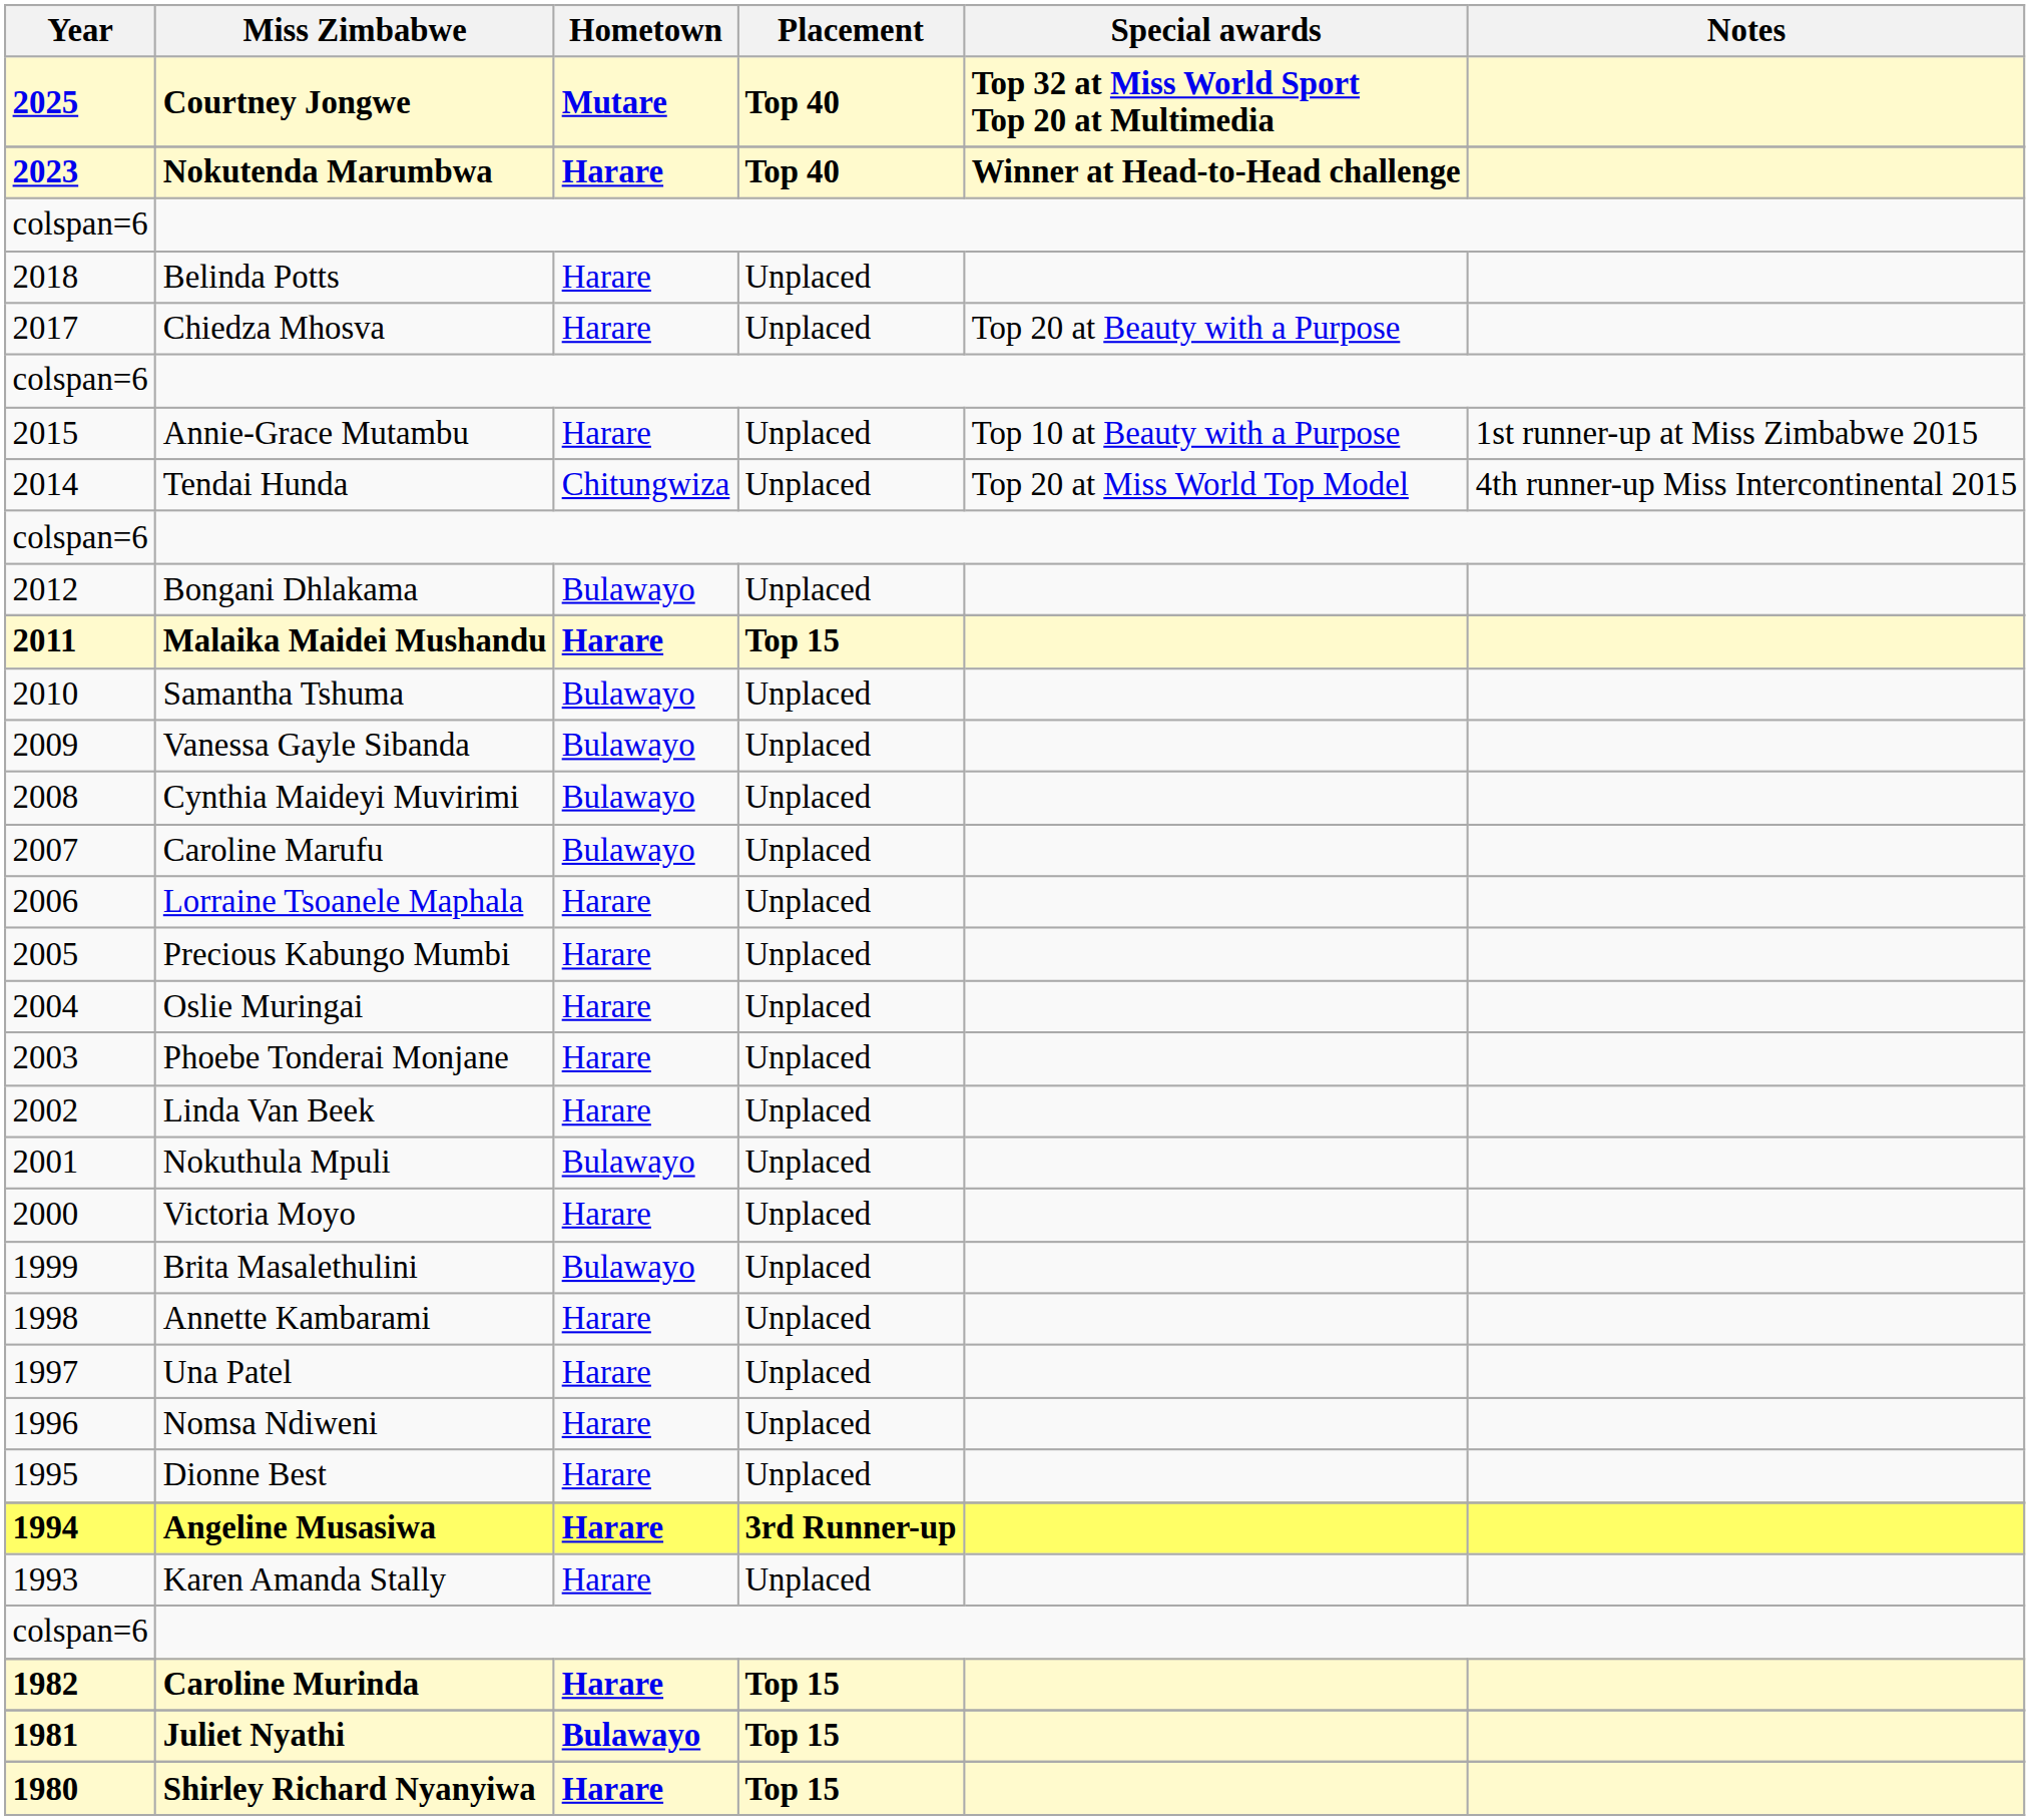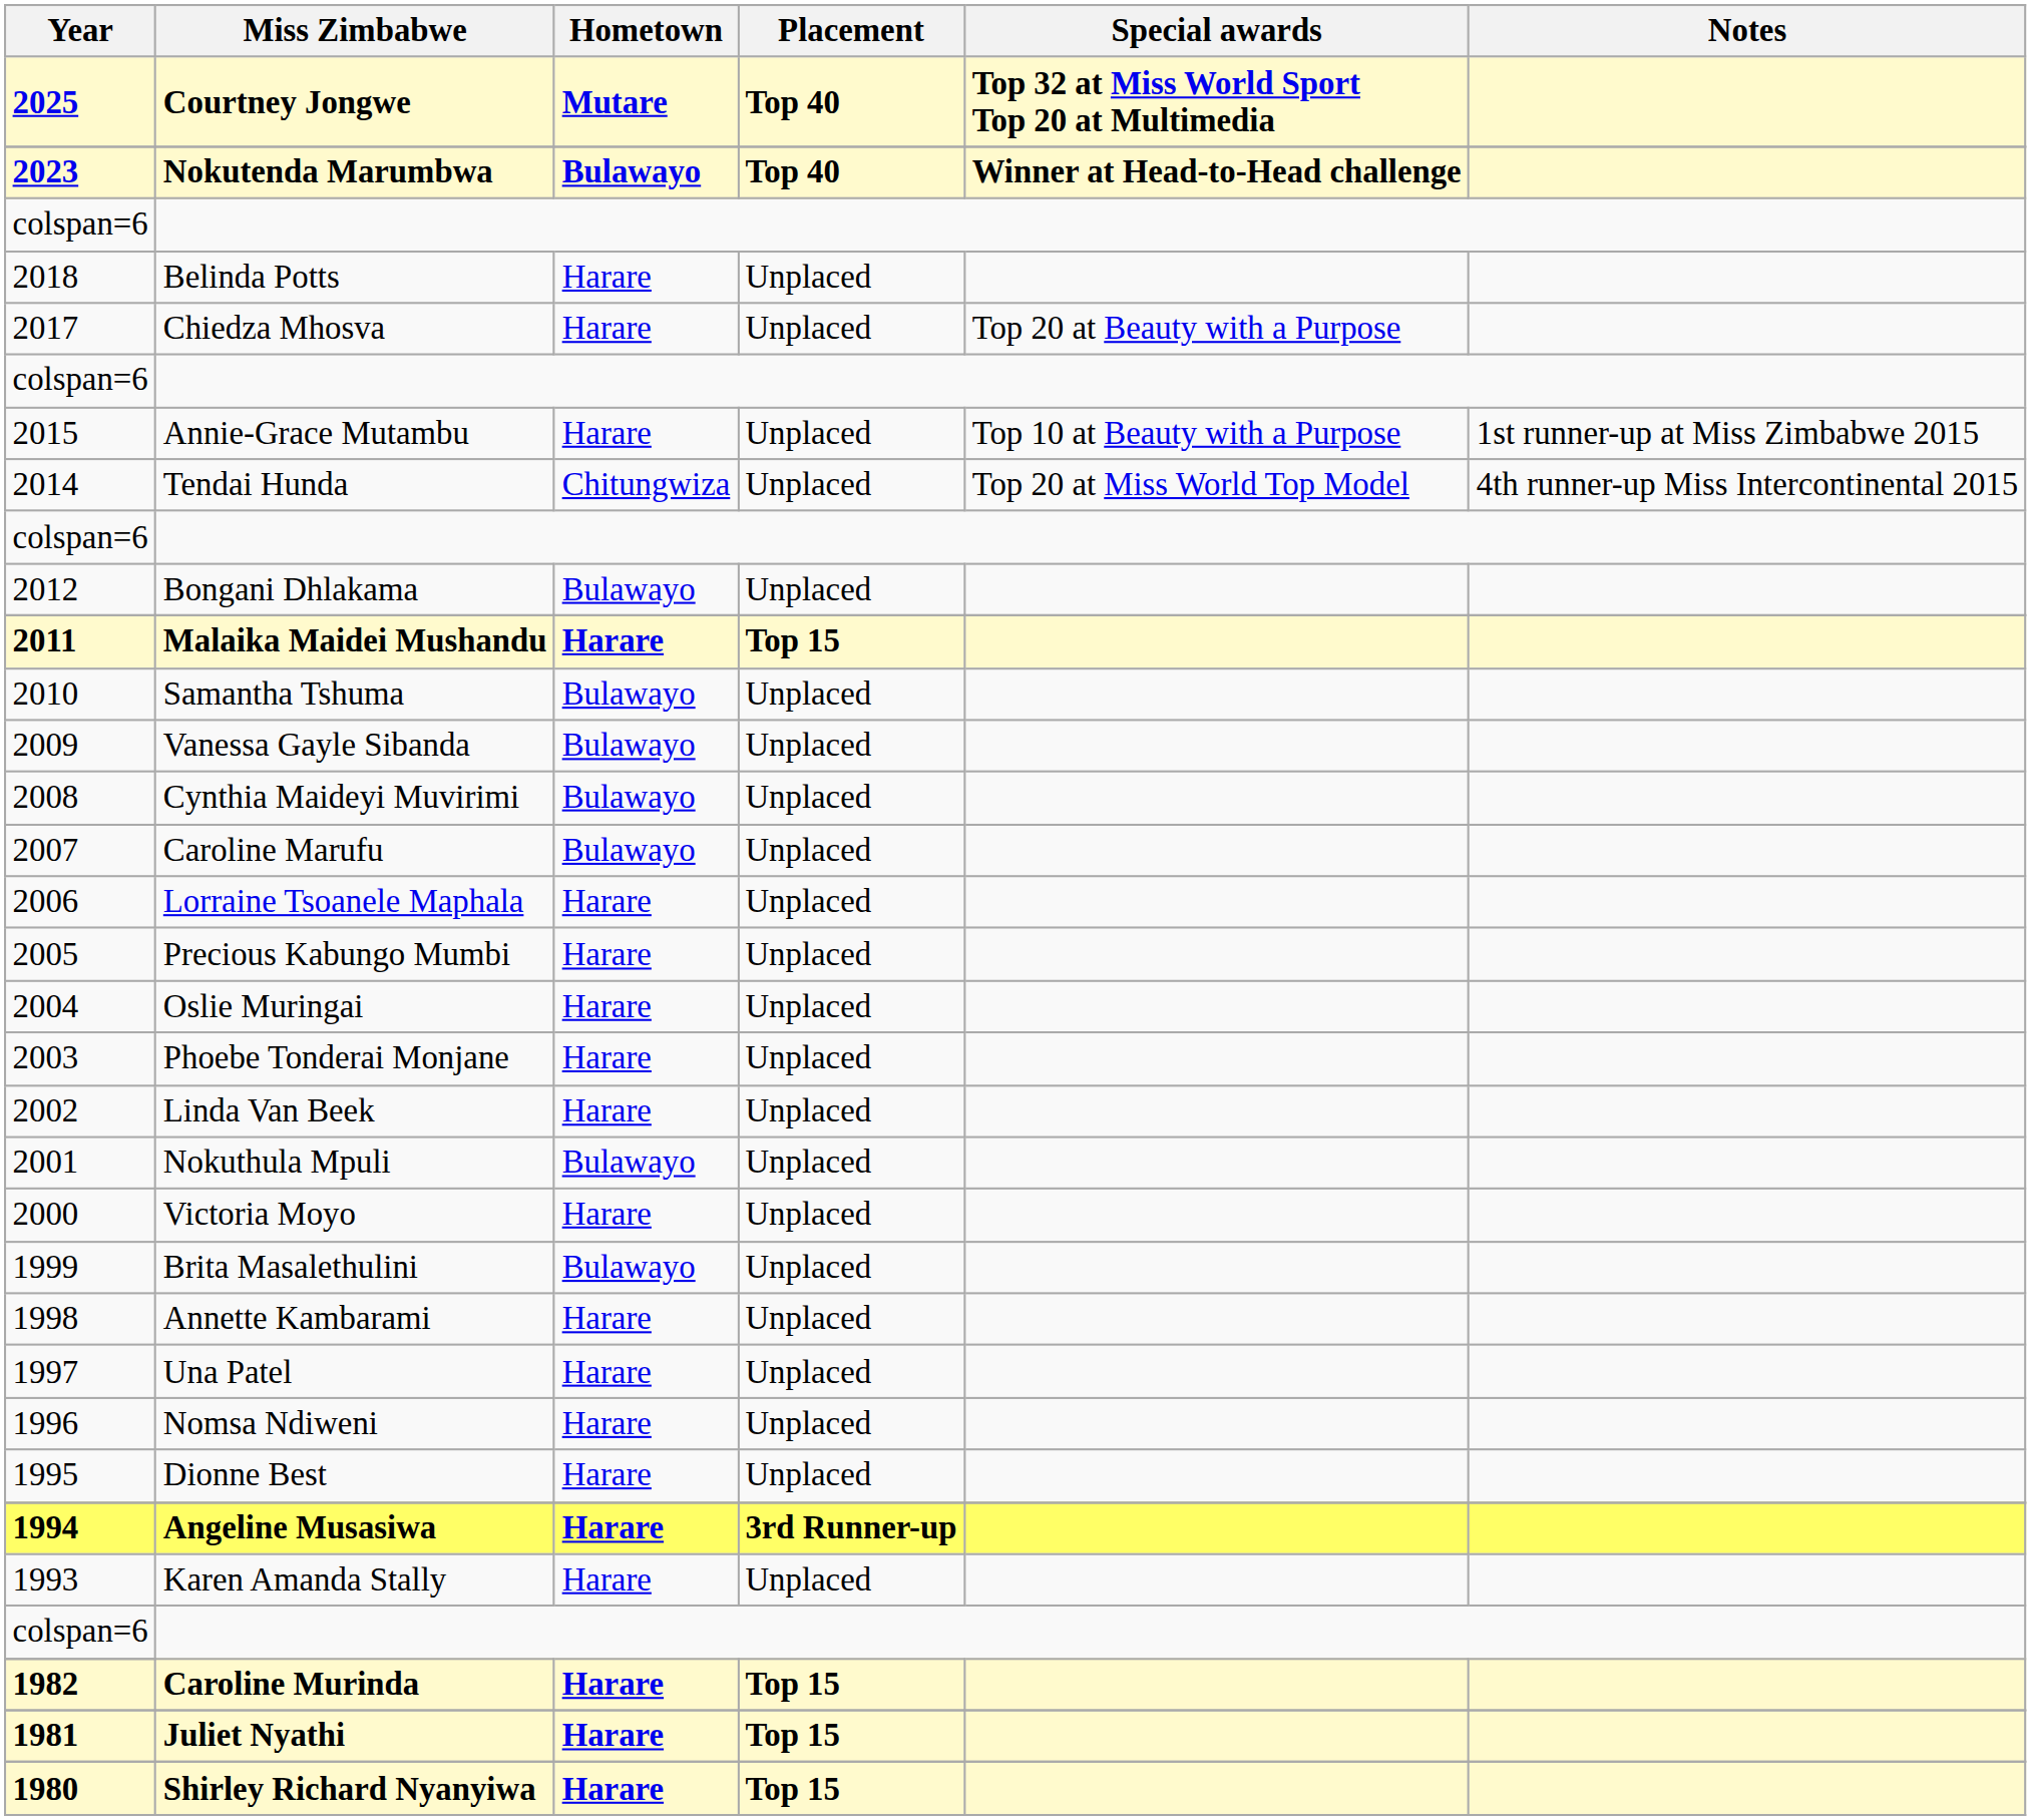 <table class="sortable wikitable">
 <tr>
 <th>Year</th>
 <th>Miss Zimbabwe</th>
 <th>Hometown</th>
 <th>Placement</th>
 <th>Special awards</th>
 <th>Notes</th>
 </tr>
 <tr style="background-color:#FFFACD; font-weight: bold">
 <td><a href='#'>2025</a></td>
 <td>Courtney Jongwe</td>
 <td><a href='#'>Mutare</a></td>
 <td>Top 40</td>
 <td>Top 32 at <a href='#'>Miss World Sport</a> <br> Top 20 at Multimedia</td>
 <td></td>
 </tr>
 <tr>
 </tr>
 <tr style="background-color:#FFFACD; font-weight: bold">
 <td><a href='#'>2023</a></td>
 <td>Nokutenda Marumbwa</td>
-<td><a href='#'>Harare</a></td>
+<td><a href='#'>Bulawayo</a></td>
 <td>Top 40</td>
 <td>Winner at Head-to-Head challenge</td>
 <td></td>
 </tr>
 <tr>
 <td>colspan=6 </td>
 </tr>
 <tr>
 <td>2018</td>
 <td>Belinda Potts</td>
 <td><a href='#'>Harare</a></td>
 <td>Unplaced</td>
 <td></td>
 <td></td>
 </tr>
 <tr>
 <td>2017</td>
 <td>Chiedza Mhosva</td>
 <td><a href='#'>Harare</a></td>
 <td>Unplaced</td>
 <td>Top 20 at <a href='#'>Beauty with a Purpose</a></td>
 <td></td>
 </tr>
 <tr>
 <td>colspan=6 </td>
 </tr>
 <tr>
 <td>2015</td>
 <td>Annie-Grace Mutambu</td>
 <td><a href='#'>Harare</a></td>
 <td>Unplaced</td>
 <td>Top 10 at  <a href='#'>Beauty with a Purpose</a></td>
 <td>1st runner-up at Miss Zimbabwe 2015</td>
 </tr>
 <tr>
 <td>2014</td>
 <td>Tendai Hunda</td>
 <td><a href='#'>Chitungwiza</a></td>
 <td>Unplaced</td>
 <td>Top 20 at <a href='#'>Miss World Top Model</a></td>
 <td>4th runner-up Miss Intercontinental 2015</td>
 </tr>
 <tr>
 <td>colspan=6 </td>
 </tr>
 <tr>
 <td>2012</td>
 <td>Bongani Dhlakama</td>
 <td><a href='#'>Bulawayo</a></td>
 <td>Unplaced</td>
 <td></td>
 <td></td>
 </tr>
 <tr>
 </tr>
 <tr style="background-color:#FFFACD; font-weight: bold">
 <td>2011</td>
 <td>Malaika Maidei Mushandu</td>
 <td><a href='#'>Harare</a></td>
 <td>Top 15</td>
 <td></td>
 <td></td>
 </tr>
 <tr>
 <td>2010</td>
 <td>Samantha Tshuma</td>
 <td><a href='#'>Bulawayo</a></td>
 <td>Unplaced</td>
 <td></td>
 <td></td>
 </tr>
 <tr>
 <td>2009</td>
 <td>Vanessa Gayle Sibanda</td>
 <td><a href='#'>Bulawayo</a></td>
 <td>Unplaced</td>
 <td></td>
 <td></td>
 </tr>
 <tr>
 <td>2008</td>
 <td>Cynthia Maideyi Muvirimi</td>
 <td><a href='#'>Bulawayo</a></td>
 <td>Unplaced</td>
 <td></td>
 <td></td>
 </tr>
 <tr>
 <td>2007</td>
 <td>Caroline Marufu</td>
 <td><a href='#'>Bulawayo</a></td>
 <td>Unplaced</td>
 <td></td>
 <td></td>
 </tr>
 <tr>
 <td>2006</td>
 <td><a href='#'>Lorraine Tsoanele Maphala</a></td>
 <td><a href='#'>Harare</a></td>
 <td>Unplaced</td>
 <td></td>
 <td></td>
 </tr>
 <tr>
 <td>2005</td>
 <td>Precious Kabungo Mumbi</td>
 <td><a href='#'>Harare</a></td>
 <td>Unplaced</td>
 <td></td>
 <td></td>
 </tr>
 <tr>
 <td>2004</td>
 <td>Oslie Muringai</td>
 <td><a href='#'>Harare</a></td>
 <td>Unplaced</td>
 <td></td>
 <td></td>
 </tr>
 <tr>
 <td>2003</td>
 <td>Phoebe Tonderai Monjane</td>
 <td><a href='#'>Harare</a></td>
 <td>Unplaced</td>
 <td></td>
 <td></td>
 </tr>
 <tr>
 <td>2002</td>
 <td>Linda Van Beek</td>
 <td><a href='#'>Harare</a></td>
 <td>Unplaced</td>
 <td></td>
 <td></td>
 </tr>
 <tr>
 <td>2001</td>
 <td>Nokuthula Mpuli</td>
 <td><a href='#'>Bulawayo</a></td>
 <td>Unplaced</td>
 <td></td>
 <td></td>
 </tr>
 <tr>
 <td>2000</td>
 <td>Victoria Moyo</td>
 <td><a href='#'>Harare</a></td>
 <td>Unplaced</td>
 <td></td>
 <td></td>
 </tr>
 <tr>
 <td>1999</td>
 <td>Brita Masalethulini</td>
 <td><a href='#'>Bulawayo</a></td>
 <td>Unplaced</td>
 <td></td>
 <td></td>
 </tr>
 <tr>
 <td>1998</td>
 <td>Annette Kambarami</td>
 <td><a href='#'>Harare</a></td>
 <td>Unplaced</td>
 <td></td>
 <td></td>
 </tr>
 <tr>
 <td>1997</td>
 <td>Una Patel</td>
 <td><a href='#'>Harare</a></td>
 <td>Unplaced</td>
 <td></td>
 <td></td>
 </tr>
 <tr>
 <td>1996</td>
 <td>Nomsa Ndiweni</td>
 <td><a href='#'>Harare</a></td>
 <td>Unplaced</td>
 <td></td>
 <td></td>
 </tr>
 <tr>
 <td>1995</td>
 <td>Dionne Best</td>
 <td><a href='#'>Harare</a></td>
 <td>Unplaced</td>
 <td></td>
 <td></td>
 </tr>
 <tr>
 </tr>
 <tr style="background-color:#FFFF66; font-weight: bold">
 <td>1994</td>
 <td>Angeline Musasiwa</td>
 <td><a href='#'>Harare</a></td>
 <td>3rd Runner-up</td>
 <td></td>
 <td></td>
 </tr>
 <tr>
 <td>1993</td>
 <td>Karen Amanda Stally</td>
 <td><a href='#'>Harare</a></td>
 <td>Unplaced</td>
 <td></td>
 <td></td>
 </tr>
 <tr>
 <td>colspan=6 </td>
 </tr>
 <tr>
 </tr>
 <tr style="background-color:#FFFACD; font-weight: bold">
 <td>1982</td>
 <td>Caroline Murinda</td>
 <td><a href='#'>Harare</a></td>
 <td>Top 15</td>
 <td></td>
 <td></td>
 </tr>
 <tr>
 </tr>
 <tr style="background-color:#FFFACD; font-weight: bold">
 <td>1981</td>
 <td>Juliet Nyathi</td>
-<td><a href='#'>Bulawayo</a></td>
+<td><a href='#'>Harare</a></td>
 <td>Top 15</td>
 <td></td>
 <td></td>
 </tr>
 <tr>
 </tr>
 <tr style="background-color:#FFFACD; font-weight: bold">
 <td>1980</td>
 <td>Shirley Richard Nyanyiwa</td>
 <td><a href='#'>Harare</a></td>
 <td>Top 15</td>
 <td></td>
 <td></td>
 </tr>
 <tr>
 </tr>
 </table>
